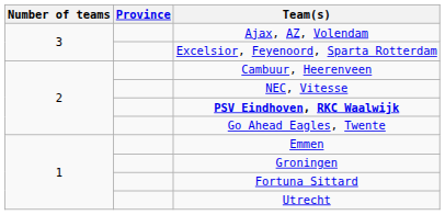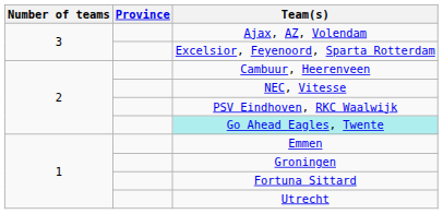 <table class="wikitable" style="text-align:center">
 <tr>
 <th>Number of teams</th>
 <th><a href='#'>Province</a></th>
 <th>Team(s)</th>
 </tr>
 <tr>
 <td rowspan="2">3</td>
 <td align="left"></td>
 <td><a href='#'>Ajax</a>, <a href='#'>AZ</a>, <a href='#'>Volendam</a></td>
 </tr>
 <tr>
 <td align="left"></td>
 <td><a href='#'>Excelsior</a>, <a href='#'>Feyenoord</a>, <a href='#'>Sparta Rotterdam</a></td>
 </tr>
 <tr>
 <td rowspan="4">2</td>
 <td align="left"></td>
 <td><a href='#'>Cambuur</a>, <a href='#'>Heerenveen</a></td>
 </tr>
 <tr>
 <td align="left"></td>
 <td><a href='#'>NEC</a>, <a href='#'>Vitesse</a></td>
 </tr>
 <tr>
 <td align="left"></td>
-<td><strong><a href='#'>PSV Eindhoven</a>, <a href='#'>RKC Waalwijk</a></strong></td>
+<td><a href='#'>PSV Eindhoven</a>, <a href='#'>RKC Waalwijk</a></td>
 </tr>
 <tr>
 <td align="left"></td>
-<td><a href='#'>Go Ahead Eagles</a>, <a href='#'>Twente</a></td>
+<td style="background: paleturquoise;"><a href='#'>Go Ahead Eagles</a>, <a href='#'>Twente</a></td>
 </tr>
 <tr>
 <td rowspan="4">1</td>
 <td align="left"></td>
 <td><a href='#'>Emmen</a></td>
 </tr>
 <tr>
 <td align="left"></td>
 <td><a href='#'>Groningen</a></td>
 </tr>
 <tr>
 <td align="left"></td>
 <td><a href='#'>Fortuna Sittard</a></td>
 </tr>
 <tr>
 <td align="left"></td>
 <td><a href='#'>Utrecht</a></td>
 </tr>
 </table>
